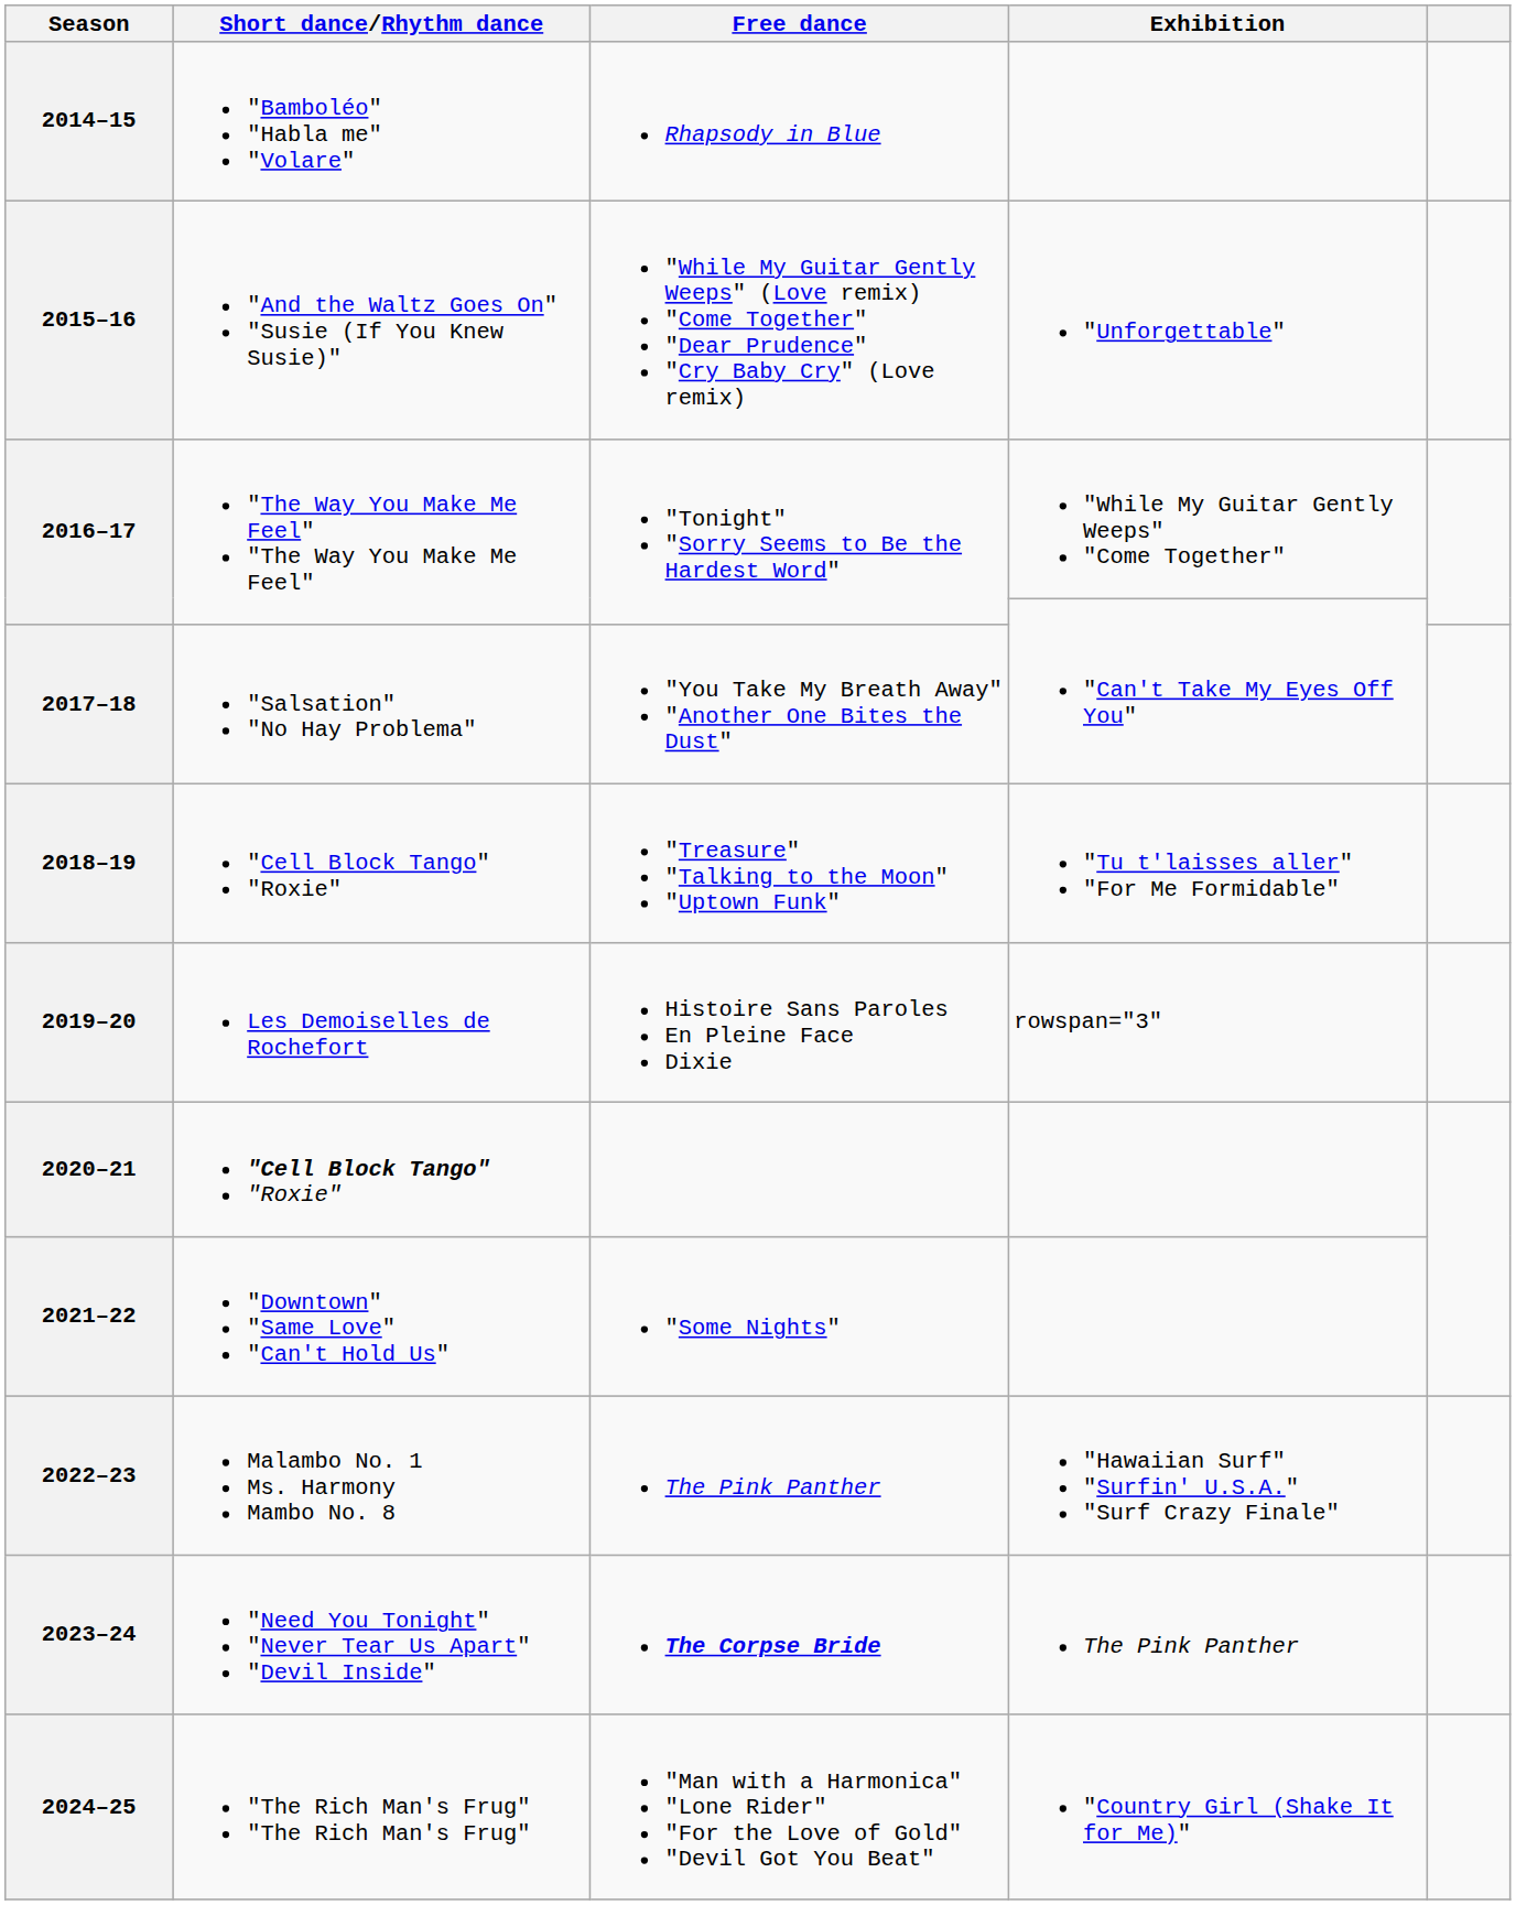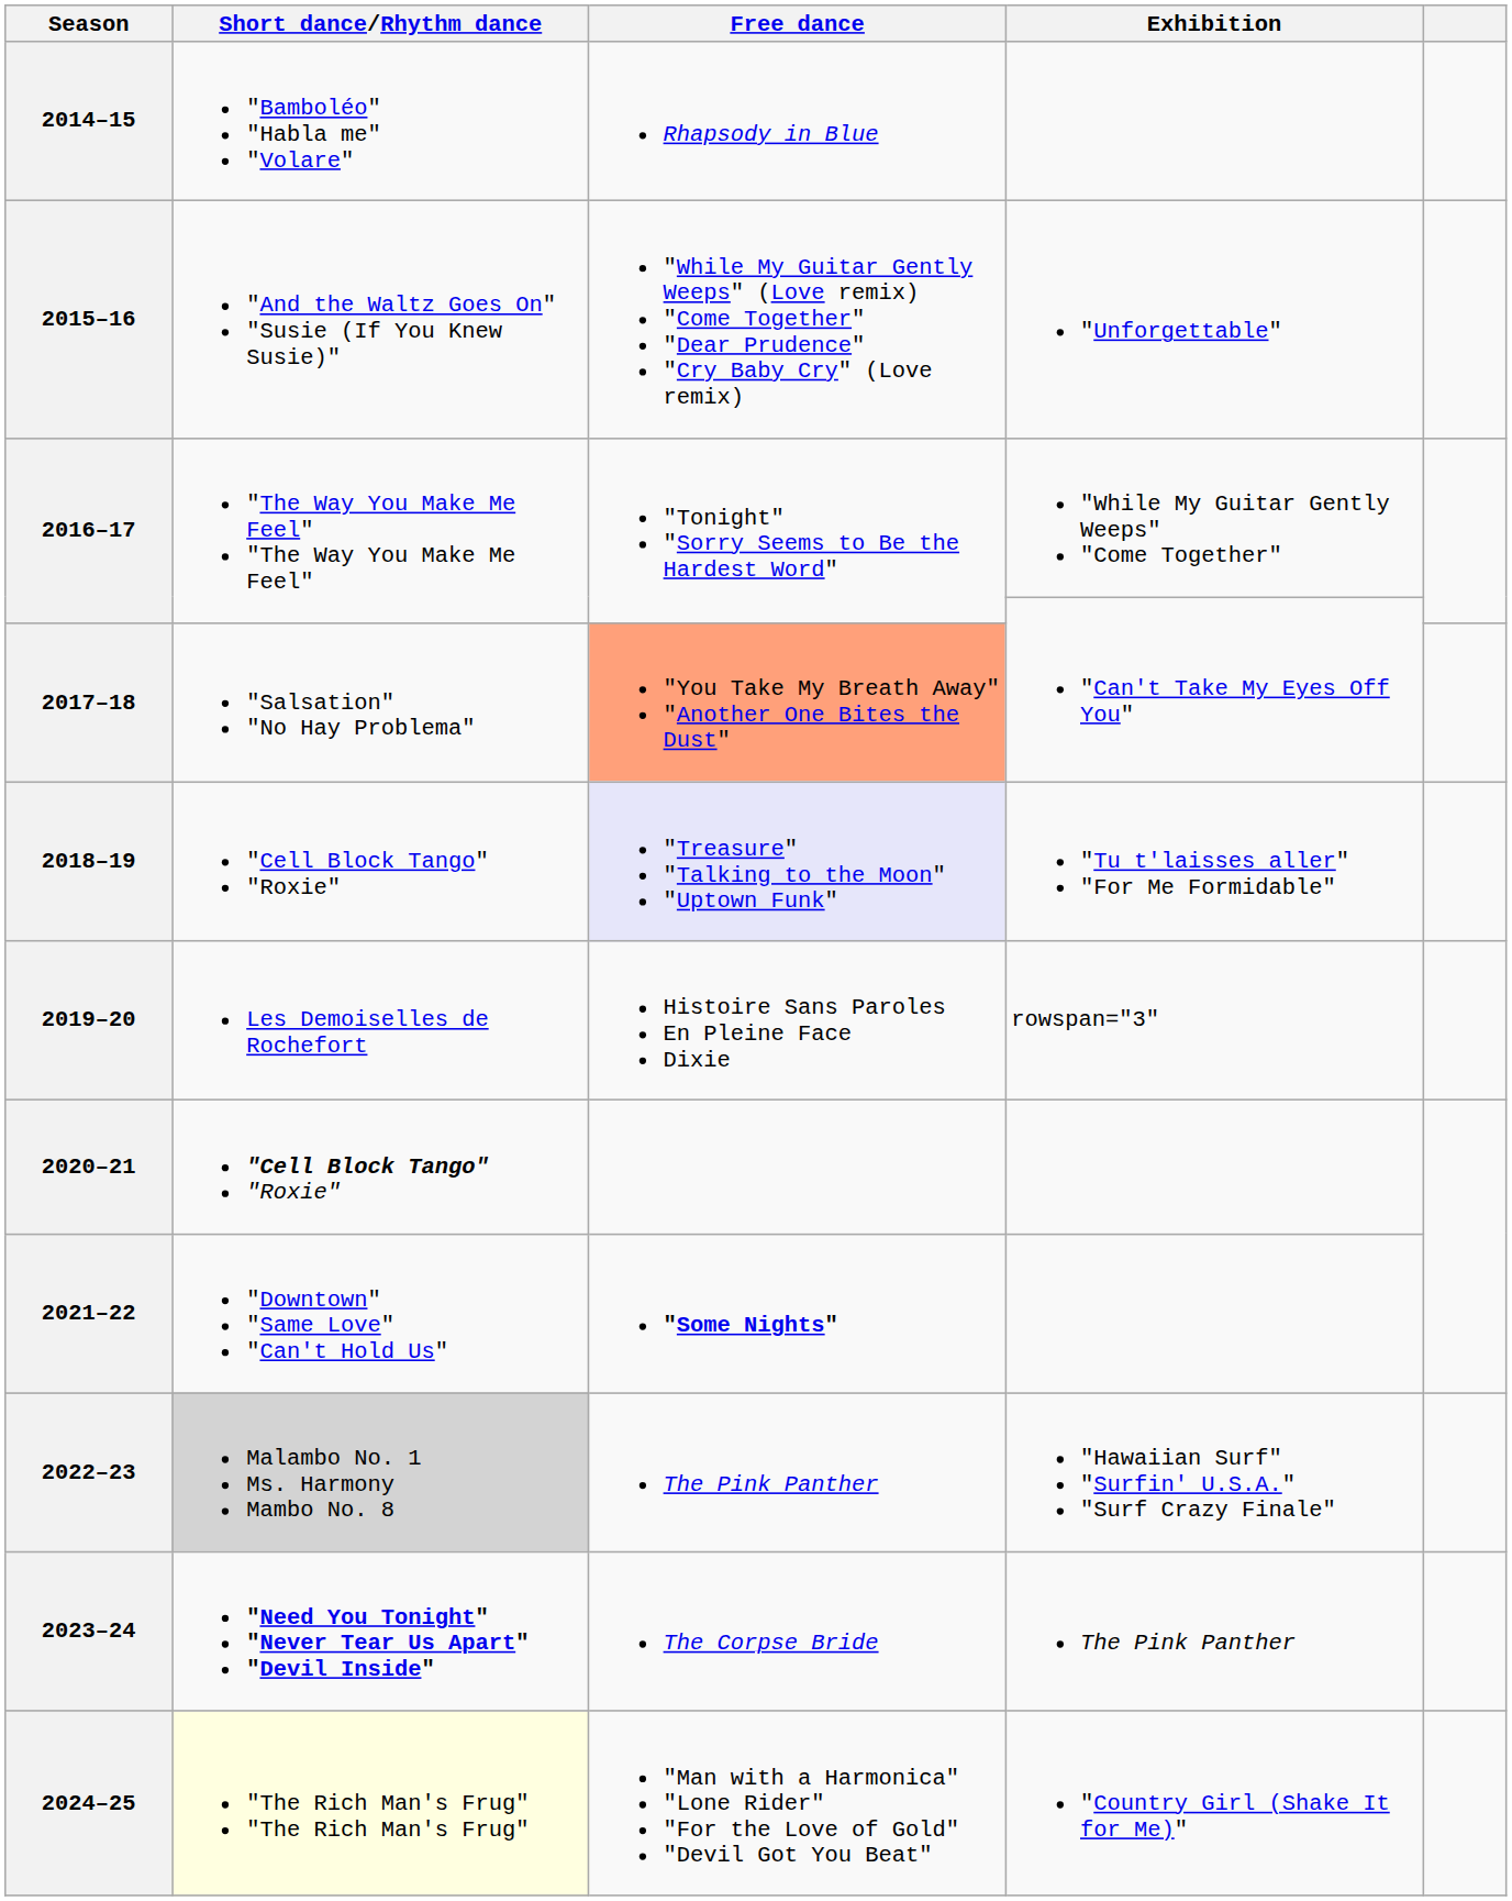 <table class="wikitable unsortable" style="text-align:left">
 <tr>
 <th scope="col" style="text-align:center; width:10%">Season</th>
 <th scope="col" style="text-align:center; width:25%"><a href='#'>Short dance</a>/<a href='#'>Rhythm dance</a></th>
 <th scope="col" style="text-align:center; width:25%"><a href='#'>Free dance</a></th>
 <th scope="col" style="text-align:center; width:25%">Exhibition</th>
 <th scope="col" style="text-align:center; width:5%"></th>
 </tr>
 <tr>
 <th scope="row">2014–15</th>
 <td><br><ul><li>"<a href='#'>Bamboléo</a>"</li><li>"Habla me"</li><li>"<a href='#'>Volare</a>"<br></li></ul></td>
 <td><br><ul><li><em><a href='#'>Rhapsody in Blue</a></em><br></li></ul></td>
 <td></td>
 <td></td>
 </tr>
 <tr>
 <th scope="row">2015–16</th>
 <td><br><ul><li><strong></strong> "<a href='#'>And the Waltz Goes On</a>"<br></li><li><strong></strong> "Susie (If You Knew Susie)"<br></li></ul></td>
 <td><br><ul><li>"<a href='#'>While My Guitar Gently Weeps</a>" (<a href='#'>Love</a> remix)</li><li>"<a href='#'>Come Together</a>"</li><li>"<a href='#'>Dear Prudence</a>"</li><li>"<a href='#'>Cry Baby Cry</a>" (Love remix)<br></li></ul></td>
 <td><br><ul><li>"<a href='#'>Unforgettable</a>"<br></li></ul></td>
 <td></td>
 </tr>
 <tr>
 <th scope="row" rowspan="2">2016–17</th>
 <td rowspan="2"><br><ul><li>"<a href='#'>The Way You Make Me Feel</a>"<br></li><li>"The Way You Make Me Feel"<br></li></ul></td>
 <td rowspan="2"><br><ul><li>"Tonight"<br></li><li>"<a href='#'>Sorry Seems to Be the Hardest Word</a>"<br></li></ul></td>
 <td><br><ul><li>"While My Guitar Gently Weeps"</li><li>"Come Together"<br></li></ul></td>
 <td rowspan="2"></td>
 </tr>
 <tr>
 <td rowspan="2"><br><ul><li>"<a href='#'>Can't Take My Eyes Off You</a>"</li></ul></td>
 </tr>
 <tr>
 <th scope="row">2017–18</th>
 <td><br><ul><li>"Salsation"<br></li><li>"No Hay Problema"<br></li></ul></td>
-<td><br><ul><li>"You Take My Breath Away"</li><li>"<a href='#'>Another One Bites the Dust</a>"<br></li></ul></td>
+<td style="background: lightsalmon;"><br><ul><li>"You Take My Breath Away"</li><li>"<a href='#'>Another One Bites the Dust</a>"<br></li></ul></td>
 <td></td>
 </tr>
 <tr>
 <th scope="row">2018–19</th>
 <td><br><ul><li><strong></strong> "<a href='#'>Cell Block Tango</a>"</li><li><strong></strong> "Roxie"<br></li></ul></td>
-<td><br><ul><li>"<a href='#'>Treasure</a>"</li><li>"<a href='#'>Talking to the Moon</a>"</li><li>"<a href='#'>Uptown Funk</a>"<br></li></ul></td>
+<td style="background: lavender;"><br><ul><li>"<a href='#'>Treasure</a>"</li><li>"<a href='#'>Talking to the Moon</a>"</li><li>"<a href='#'>Uptown Funk</a>"<br></li></ul></td>
 <td><br><ul><li>"<a href='#'>Tu t'laisses aller</a>"</li><li>"For Me Formidable"<br></li></ul></td>
 <td></td>
 </tr>
 <tr>
 <th scope="row">2019–20</th>
 <td><br><ul><li> <a href='#'>Les Demoiselles de Rochefort</a> <br> </li></ul></td>
 <td><br><ul><li>Histoire Sans Paroles</li><li>En Pleine Face</li><li>Dixie <br> </li></ul></td>
 <td>rowspan="3" </td>
 <td></td>
 </tr>
 <tr>
 <th scope="row">2020–21</th>
 <td><br><ul><li><strong><em><strong> "Cell Block Tango"<em></li><li></em></strong></strong> "Roxie"</em></li></ul></td>
 <td></td>
 <td></td>
 </tr>
 <tr>
 <th scope="row">2021–22</th>
 <td><br><ul><li>"<a href='#'>Downtown</a>"</li><li>"<a href='#'>Same Love</a>"</li><li>"<a href='#'>Can't Hold Us</a>"</li></ul></td>
-<td><br><ul><li>"<a href='#'>Some Nights</a>"<br></li></ul></td>
+<td><strong><br><ul><li>"<a href='#'>Some Nights</a>"<br></li></ul></strong></td>
 <td></td>
 </tr>
 <tr>
 <th scope="row">2022–23</th>
-<td><br><ul><li><strong></strong> Malambo No. 1<br></li><li><strong></strong> Ms. Harmony<br></li><li><strong></strong> Mambo No. 8<br></li></ul></td>
+<td style="background: lightgrey;"><br><ul><li><strong></strong> Malambo No. 1<br></li><li><strong></strong> Ms. Harmony<br></li><li><strong></strong> Mambo No. 8<br></li></ul></td>
 <td><br><ul><li><em><a href='#'>The Pink Panther</a></em><br></li></ul></td>
 <td><br><ul><li>"Hawaiian Surf"<br></li><li>"<a href='#'>Surfin' U.S.A.</a>"<br></li><li>"Surf Crazy Finale"<br></li></ul></td>
 <td></td>
 </tr>
 <tr>
 <th scope="row">2023–24</th>
-<td><br><ul><li>"<a href='#'>Need You Tonight</a>"</li><li>"<a href='#'>Never Tear Us Apart</a>"</li><li>"<a href='#'>Devil Inside</a>"<br></li></ul></td>
-<td><strong><br><ul><li><em><a href='#'>The Corpse Bride</a></em><br></li></ul></strong></td>
+<td><strong><br><ul><li>"<a href='#'>Need You Tonight</a>"</li><li>"<a href='#'>Never Tear Us Apart</a>"</li><li>"<a href='#'>Devil Inside</a>"<br></li></ul></strong></td>
+<td><br><ul><li><em><a href='#'>The Corpse Bride</a></em><br></li></ul></td>
 <td><br><ul><li><em>The Pink Panther</em></li></ul></td>
 <td></td>
 </tr>
 <tr>
 <th scope="row">2024–25</th>
-<td><br><ul><li>"The Rich Man's Frug"<br> </li><li>"The Rich Man's Frug"<br> </li></ul></td>
+<td style="background: lightyellow;"><br><ul><li>"The Rich Man's Frug"<br> </li><li>"The Rich Man's Frug"<br> </li></ul></td>
 <td><br><ul><li>"Man with a Harmonica"<br></li><li>"Lone Rider"</li><li>"For the Love of Gold"<br></li><li>"Devil Got You Beat"<br> </li></ul></td>
 <td><br><ul><li>"<a href='#'>Country Girl (Shake It for Me)</a>" <br> </li></ul></td>
 <td></td>
 </tr>
 </table>
